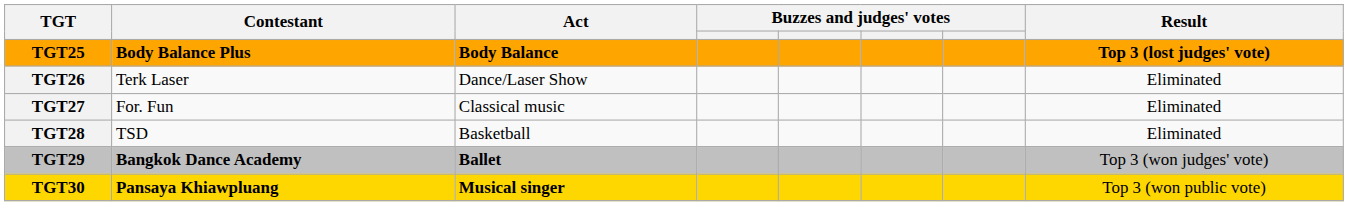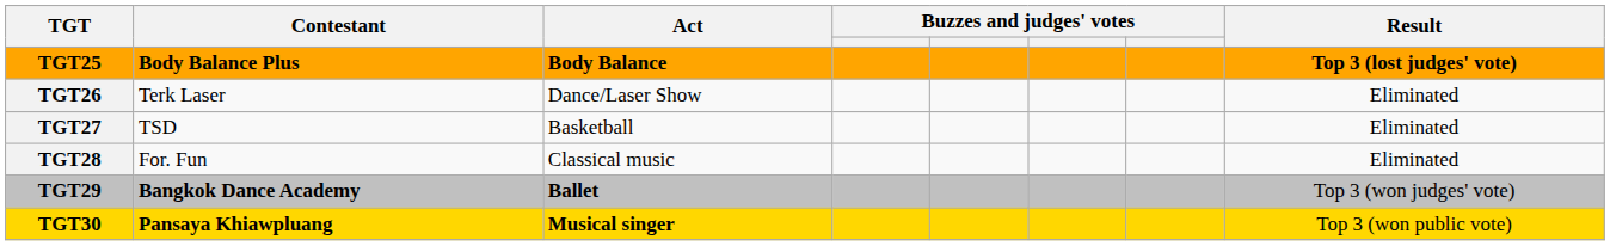 <table class="wikitable sortable" style="width:100%;">
 <tr>
 <th rowspan="2">TGT</th>
 <th rowspan="2" class="unsortable">Contestant</th>
 <th rowspan="2" class="unsortable">Act</th>
 <th colspan="4" class="unsortable">Buzzes and judges' votes</th>
 <th rowspan="2" class="unsortable">Result</th>
 </tr>
 <tr>
 <th width="70"></th>
 <th width="70"></th>
 <th width="70"></th>
 <th width="70"></th>
 </tr>
 <tr>
 <th style="background:orange;"><strong>TGT25</strong></th>
 <td style="background:orange;"><strong>Body Balance Plus</strong></td>
 <td style="background:orange;"><strong>Body Balance</strong></td>
 <td style="background:orange; text-align:center;"></td>
 <td style="background:orange; text-align:center;"></td>
 <td style="background:orange; text-align:center;"></td>
 <td style="background:orange; text-align:center;"></td>
 <td style="background:orange; text-align:center;"><strong>Top 3 (lost judges' vote)</strong></td>
 </tr>
 <tr>
 <th>TGT26</th>
 <td>Terk Laser</td>
 <td>Dance/Laser Show</td>
 <td></td>
 <td></td>
 <td></td>
 <td></td>
 <td style= "text-align:center;">Eliminated</td>
 </tr>
 <tr>
 <th>TGT27</th>
-<td>For. Fun</td>
-<td>Classical music</td>
+<td>TSD</td>
+<td>Basketball</td>
 <td></td>
 <td></td>
 <td></td>
 <td></td>
 <td style= "text-align:center;">Eliminated</td>
 </tr>
 <tr>
 <th>TGT28</th>
-<td>TSD</td>
-<td>Basketball</td>
+<td>For. Fun</td>
+<td>Classical music</td>
 <td></td>
 <td></td>
 <td></td>
 <td></td>
 <td style= "text-align:center;">Eliminated</td>
 </tr>
 <tr>
 <th style="background:silver"><strong>TGT29</strong></th>
 <td style="background:silver"><strong>Bangkok Dance Academy</strong></td>
 <td style="background:silver"><strong>Ballet</strong></td>
 <td style="background:silver; text-align:center;"></td>
 <td style="background:silver; text-align:center;"></td>
 <td style="background:silver; text-align:center;"></td>
 <td style="background:silver; text-align:center;"></td>
 <td style="background:silver; text-align:center;">Top 3 (won judges' vote)</td>
 </tr>
 <tr>
 <th style="background:gold;"><strong>TGT30</strong></th>
 <td style="background:gold;"><strong>Pansaya Khiawpluang</strong></td>
 <td style="background:gold;"><strong>Musical singer</strong></td>
 <td style="background:gold;"></td>
 <td style="background:gold;"></td>
 <td style="background:gold;"></td>
 <td style="background:gold;"></td>
 <td style="background:gold; text-align:center;">Top 3 (won public vote)</td>
 </tr>
 <tr>
 </tr>
 </table>
